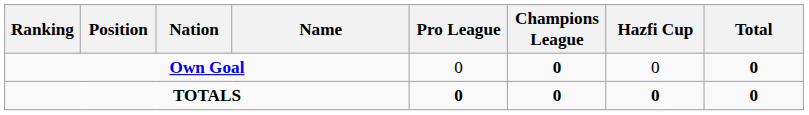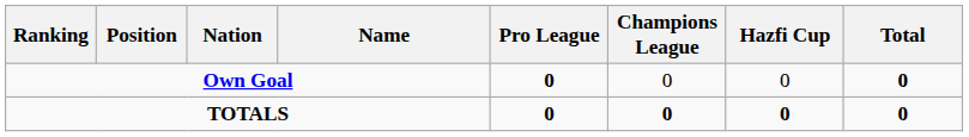 <table class="wikitable" style="font-size: 95%; text-align: center;">
 <tr>
 <th width=60>Ranking</th>
 <th width=60>Position</th>
 <th width=60>Nation</th>
 <th width=150>Name</th>
 <th width=80>Pro League</th>
 <th width=80>Champions League</th>
 <th width=80>Hazfi Cup</th>
 <th width=80>Total</th>
 </tr>
 <tr>
 <td colspan="4"><strong><a href='#'>Own Goal</a></strong></td>
+<td><strong>0</strong></td>
 <td>0</td>
-<td><strong>0</strong></td>
 <td>0</td>
 <td><strong>0</strong></td>
 </tr>
 <tr>
 <td colspan="4"><strong>TOTALS</strong></td>
 <td><strong>0</strong></td>
 <td><strong>0</strong></td>
 <td><strong>0</strong></td>
 <td><strong>0</strong></td>
 </tr>
 </table>
